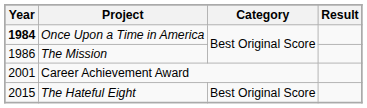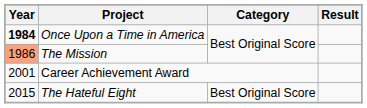 <table class="wikitable" style="border:2px #aaa solid; font-size:90%;">
 <tr style="background:#ccc; text-align:center;">
 <th>Year</th>
 <th>Project</th>
 <th>Category</th>
 <th>Result</th>
 </tr>
 <tr>
 <td><strong>1984</strong></td>
 <td><em>Once Upon a Time in America</em></td>
 <td rowspan=2>Best Original Score</td>
 <td></td>
 </tr>
 <tr>
-<td>1986</td>
+<td style="background: lightsalmon;">1986</td>
 <td><em>The Mission</em></td>
 <td></td>
 </tr>
 <tr>
 <td>2001</td>
 <td colspan=2>Career Achievement Award</td>
 <td></td>
 </tr>
 <tr>
 <td>2015</td>
 <td><em>The Hateful Eight</em></td>
 <td>Best Original Score</td>
 <td></td>
 </tr>
 </table>
